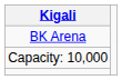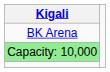 <table class="wikitable" style="text-align:center;">
 <tr>
 <th><a href='#'>Kigali</a></th>
 <td rowspan="4"></td>
 </tr>
 <tr>
 <td><a href='#'>BK Arena</a></td>
 </tr>
 <tr>
-<td>Capacity: 10,000</td>
+<td style="background: lightgreen;">Capacity: 10,000</td>
 </tr>
 <tr>
 <td></td>
 </tr>
 </table>
